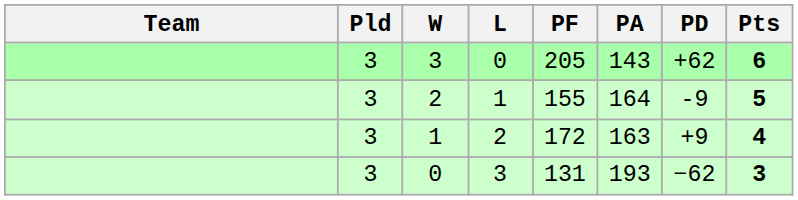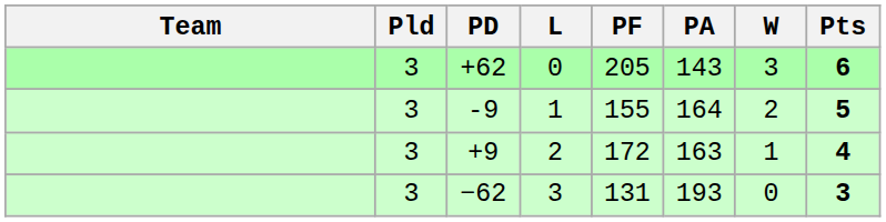 <table class=wikitable style="text-align:center">
 <tr>
 <th width=180>Team</th>
 <th width=30>Pld</th>
-<th width=30>W</th>
+<th width=30>PD</th>
 <th width=30>L</th>
 <th width=30>PF</th>
 <th width=30>PA</th>
-<th width=30>PD</th>
+<th width=30>W</th>
 <th width=30>Pts</th>
 </tr>
 <tr bgcolor="#aaffaa">
 <td align=left></td>
 <td>3</td>
-<td>3</td>
+<td>+62</td>
 <td>0</td>
 <td>205</td>
 <td>143</td>
-<td>+62</td>
+<td>3</td>
 <td><strong>6</strong></td>
 </tr>
 <tr bgcolor="#ccffcc">
 <td align=left></td>
 <td>3</td>
-<td>2</td>
+<td>-9</td>
 <td>1</td>
 <td>155</td>
 <td>164</td>
-<td>-9</td>
+<td>2</td>
 <td><strong>5</strong></td>
 </tr>
 <tr bgcolor="#ccffcc">
 <td align=left></td>
 <td>3</td>
-<td>1</td>
+<td>+9</td>
 <td>2</td>
 <td>172</td>
 <td>163</td>
-<td>+9</td>
+<td>1</td>
 <td><strong>4</strong></td>
 </tr>
 <tr bgcolor="#ccffcc">
 <td align=left></td>
 <td>3</td>
-<td>0</td>
+<td>−62</td>
 <td>3</td>
 <td>131</td>
 <td>193</td>
-<td>−62</td>
+<td>0</td>
 <td><strong>3</strong></td>
 </tr>
 </table>
